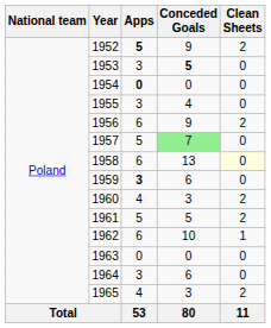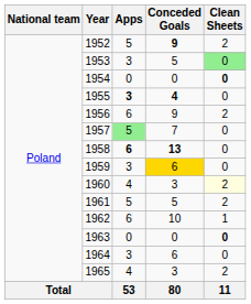 <table class="wikitable" style="text-align:center">
 <tr>
 <th>National team</th>
 <th>Year</th>
 <th>Apps</th>
 <th>Conceded<br>Goals</th>
 <th>Clean<br>Sheets</th>
 </tr>
 <tr>
 <td rowspan="14" style="vertical-align:center;"><a href='#'>Poland</a></td>
 <td>1952</td>
-<td><strong>5</strong></td>
-<td>9</td>
+<td>5</td>
+<td><strong>9</strong></td>
 <td>2</td>
 </tr>
 <tr>
 <td>1953</td>
 <td>3</td>
-<td><strong>5</strong></td>
-<td>0</td>
+<td>5</td>
+<td style="background: lightgreen;">0</td>
 </tr>
 <tr>
 <td>1954</td>
-<td><strong>0</strong></td>
 <td>0</td>
 <td>0</td>
+<td><strong>0</strong></td>
 </tr>
 <tr>
 <td>1955</td>
-<td>3</td>
-<td>4</td>
+<td><strong>3</strong></td>
+<td><strong>4</strong></td>
 <td>0</td>
 </tr>
 <tr>
 <td>1956</td>
 <td>6</td>
 <td>9</td>
 <td>2</td>
 </tr>
 <tr>
 <td>1957</td>
-<td>5</td>
-<td style="background: lightgreen;">7</td>
+<td style="background: lightgreen;">5</td>
+<td>7</td>
 <td>0</td>
 </tr>
 <tr>
 <td>1958</td>
-<td>6</td>
-<td>13</td>
-<td style="background: lightyellow;">0</td>
+<td><strong>6</strong></td>
+<td><strong>13</strong></td>
+<td>0</td>
 </tr>
 <tr>
 <td>1959</td>
-<td><strong>3</strong></td>
-<td>6</td>
+<td>3</td>
+<td style="background: gold;">6</td>
 <td>0</td>
 </tr>
 <tr>
 <td>1960</td>
 <td>4</td>
 <td>3</td>
-<td>2</td>
+<td style="background: lightyellow;">2</td>
 </tr>
 <tr>
 <td>1961</td>
 <td>5</td>
 <td>5</td>
 <td>2</td>
 </tr>
 <tr>
 <td>1962</td>
 <td>6</td>
 <td>10</td>
 <td>1</td>
 </tr>
 <tr>
 <td>1963</td>
 <td>0</td>
 <td>0</td>
-<td>0</td>
+<td><strong>0</strong></td>
 </tr>
 <tr>
 <td>1964</td>
 <td>3</td>
 <td>6</td>
 <td>0</td>
 </tr>
 <tr>
 <td>1965</td>
 <td>4</td>
 <td>3</td>
 <td>2</td>
 </tr>
 <tr>
 <th colspan="2">Total</th>
 <th>53</th>
 <th>80</th>
 <th>11</th>
 </tr>
 </table>
